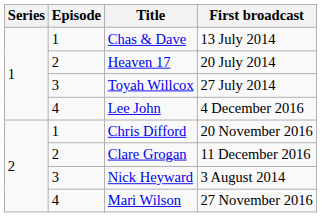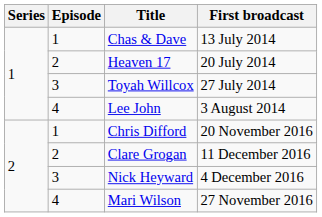 <table class="wikitable">
 <tr>
 <th>Series</th>
 <th>Episode</th>
 <th>Title</th>
 <th>First broadcast</th>
 </tr>
 <tr>
 <td rowspan="4">1</td>
 <td>1</td>
 <td><a href='#'>Chas & Dave</a></td>
 <td>13 July 2014</td>
 </tr>
 <tr>
 <td>2</td>
 <td><a href='#'>Heaven 17</a></td>
 <td>20 July 2014</td>
 </tr>
 <tr>
 <td>3</td>
 <td><a href='#'>Toyah Willcox</a></td>
 <td>27 July 2014</td>
 </tr>
 <tr>
 <td>4</td>
 <td><a href='#'>Lee John</a></td>
-<td>4 December 2016</td>
+<td>3 August 2014</td>
 </tr>
 <tr>
 <td rowspan="4">2</td>
 <td>1</td>
 <td><a href='#'>Chris Difford</a></td>
 <td>20 November 2016</td>
 </tr>
 <tr>
 <td>2</td>
 <td><a href='#'>Clare Grogan</a></td>
 <td>11 December 2016</td>
 </tr>
 <tr>
 <td>3</td>
 <td><a href='#'>Nick Heyward</a></td>
-<td>3 August 2014</td>
+<td>4 December 2016</td>
 </tr>
 <tr>
 <td>4</td>
 <td><a href='#'>Mari Wilson</a></td>
 <td>27 November 2016</td>
 </tr>
 </table>
